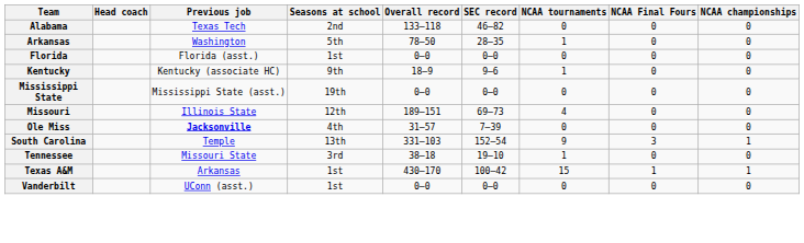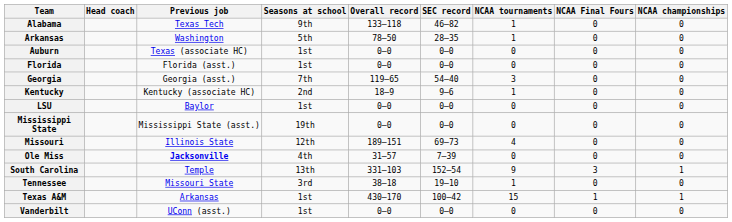 <table class="wikitable sortable" style="text-align: center;font-size:90%;">
 <tr>
 <th width="110">Team</th>
 <th>Head coach</th>
 <th>Previous job</th>
 <th>Seasons at school</th>
 <th>Overall record</th>
 <th>SEC record</th>
 <th>NCAA tournaments</th>
 <th>NCAA Final Fours</th>
 <th>NCAA championships</th>
 </tr>
 <tr>
 <th>Alabama</th>
 <td></td>
 <td><a href='#'>Texas Tech</a></td>
-<td>2nd</td>
+<td>9th</td>
 <td>133–118</td>
 <td>46–82</td>
-<td>0</td>
+<td>1</td>
 <td>0</td>
 <td>0</td>
 </tr>
 <tr>
 <th>Arkansas</th>
 <td></td>
 <td><a href='#'>Washington</a></td>
 <td>5th</td>
 <td>78–50</td>
 <td>28–35</td>
 <td>1</td>
 <td>0</td>
 <td>0</td>
 </tr>
 <tr>
+<th>Auburn</th>
+<td></td>
+<td><a href='#'>Texas</a> (associate HC)</td>
+<td>1st</td>
+<td>0–0</td>
+<td>0–0</td>
+<td>0</td>
+<td>0</td>
+<td>0</td>
+</tr>
+<tr>
 <th>Florida</th>
 <td></td>
 <td>Florida (asst.)</td>
 <td>1st</td>
 <td>0–0</td>
 <td>0–0</td>
 <td>0</td>
 <td>0</td>
 <td>0</td>
 </tr>
 <tr>
+<th>Georgia</th>
+<td></td>
+<td>Georgia (asst.)</td>
+<td>7th</td>
+<td>119–65</td>
+<td>54–40</td>
+<td>3</td>
+<td>0</td>
+<td>0</td>
+</tr>
+<tr>
 <th>Kentucky</th>
 <td></td>
 <td>Kentucky (associate HC)</td>
-<td>9th</td>
+<td>2nd</td>
 <td>18–9</td>
 <td>9–6</td>
 <td>1</td>
+<td>0</td>
+<td>0</td>
+</tr>
+<tr>
+<th>LSU</th>
+<td></td>
+<td><a href='#'>Baylor</a></td>
+<td>1st</td>
+<td>0–0</td>
+<td>0–0</td>
+<td>0</td>
 <td>0</td>
 <td>0</td>
 </tr>
 <tr>
 <th>Mississippi State</th>
 <td></td>
 <td>Mississippi State (asst.)</td>
 <td>19th</td>
 <td>0–0</td>
 <td>0–0</td>
 <td>0</td>
 <td>0</td>
 <td>0</td>
 </tr>
 <tr>
 <th>Missouri</th>
 <td></td>
 <td><a href='#'>Illinois State</a></td>
 <td>12th</td>
 <td>189–151</td>
 <td>69–73</td>
 <td>4</td>
 <td>0</td>
 <td>0</td>
 </tr>
 <tr>
 <th>Ole Miss</th>
 <td></td>
 <td><strong><a href='#'>Jacksonville</a></strong></td>
 <td>4th</td>
 <td>31–57</td>
 <td>7–39</td>
 <td>0</td>
 <td>0</td>
 <td>0</td>
 </tr>
 <tr>
 <th>South Carolina</th>
 <td></td>
 <td><a href='#'>Temple</a></td>
 <td>13th</td>
 <td>331–103</td>
 <td>152–54</td>
 <td>9</td>
 <td>3</td>
 <td>1</td>
 </tr>
 <tr>
 <th>Tennessee</th>
 <td></td>
 <td><a href='#'>Missouri State</a></td>
 <td>3rd</td>
 <td>38–18</td>
 <td>19–10</td>
 <td>1</td>
 <td>0</td>
 <td>0</td>
 </tr>
 <tr>
 <th>Texas A&M</th>
 <td></td>
 <td><a href='#'>Arkansas</a></td>
 <td>1st</td>
 <td>430–170</td>
 <td>100–42</td>
 <td>15</td>
 <td>1</td>
 <td>1</td>
 </tr>
 <tr>
 <th>Vanderbilt</th>
 <td></td>
 <td><a href='#'>UConn</a> (asst.)</td>
 <td>1st</td>
 <td>0–0</td>
 <td>0–0</td>
 <td>0</td>
 <td>0</td>
 <td>0</td>
 </tr>
 </table>
